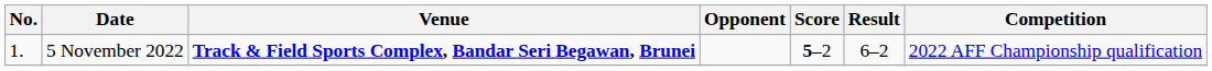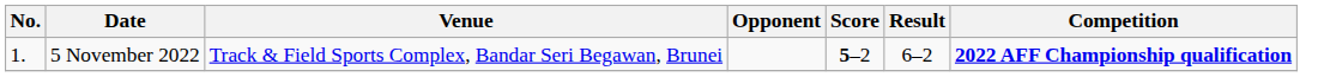 <table class="wikitable">
 <tr>
 <th>No.</th>
 <th>Date</th>
 <th>Venue</th>
 <th>Opponent</th>
 <th>Score</th>
 <th>Result</th>
 <th>Competition</th>
 </tr>
 <tr>
 <td>1.</td>
 <td>5 November 2022</td>
-<td><strong><a href='#'>Track & Field Sports Complex</a>, <a href='#'>Bandar Seri Begawan</a>, <a href='#'>Brunei</a></strong></td>
+<td><a href='#'>Track & Field Sports Complex</a>, <a href='#'>Bandar Seri Begawan</a>, <a href='#'>Brunei</a></td>
 <td></td>
 <td align=center><strong>5</strong>–2</td>
 <td align=center>6–2</td>
-<td><a href='#'>2022 AFF Championship qualification</a></td>
+<td><strong><a href='#'>2022 AFF Championship qualification</a></strong></td>
 </tr>
 <tr>
 </tr>
 </table>
